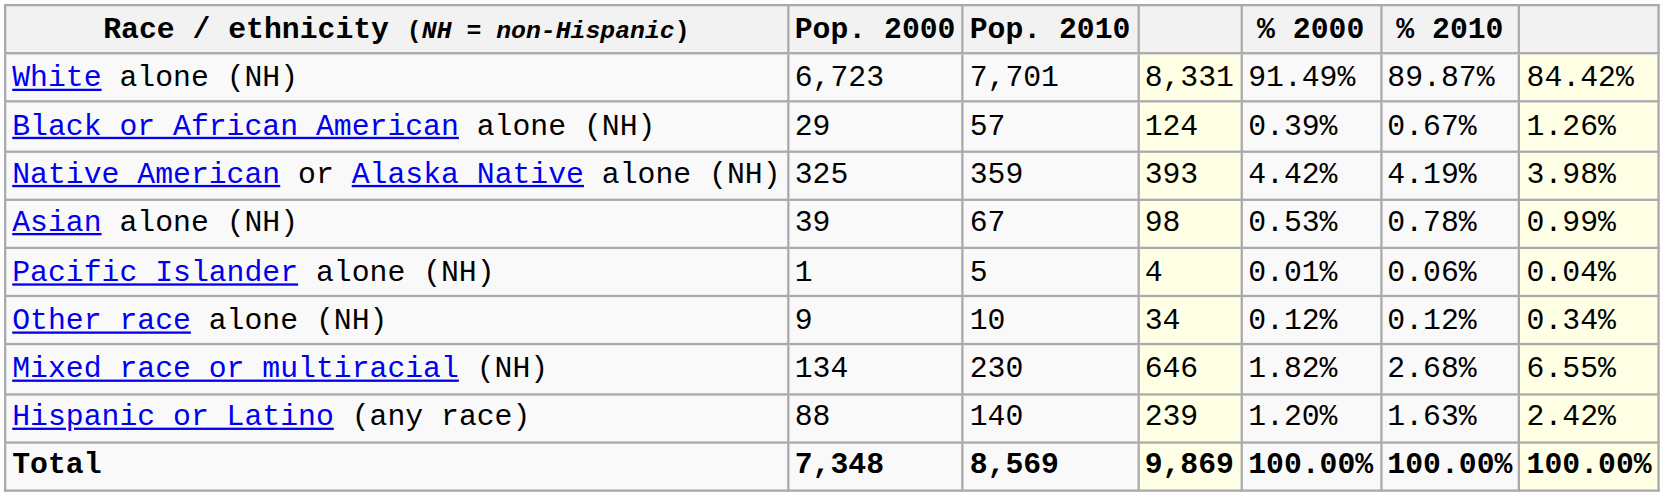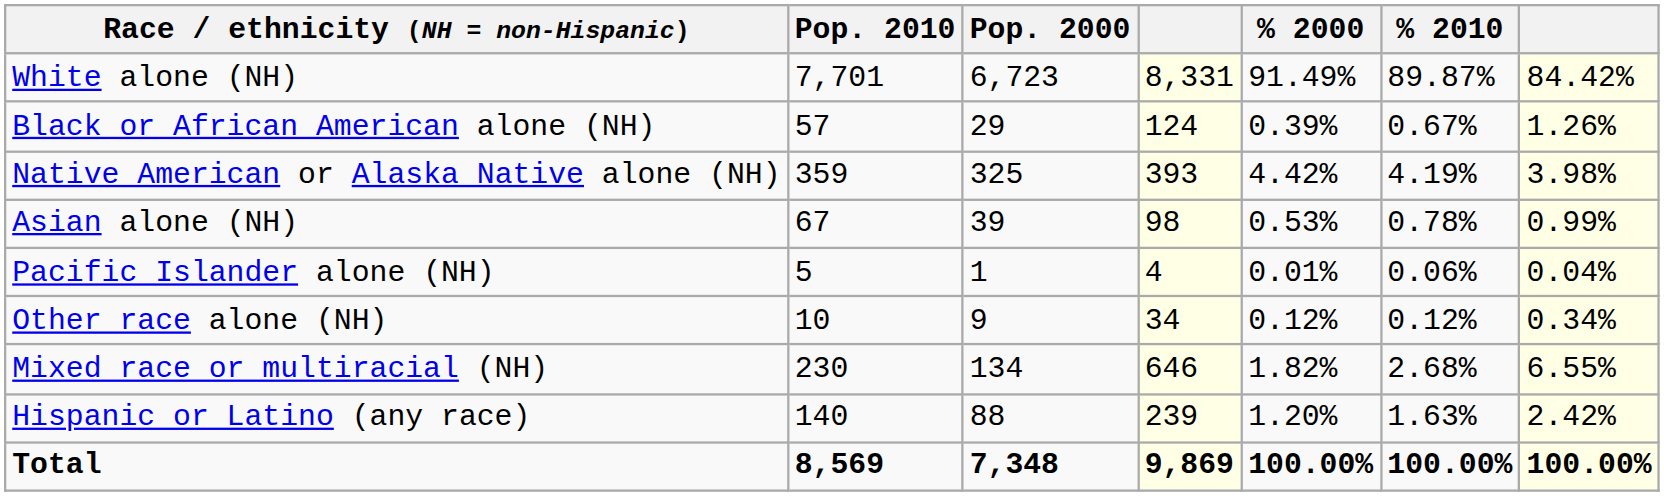 <table class="wikitable">
 <tr>
 <th>Race / ethnicity <small>(<em>NH = non-Hispanic</em>)</small></th>
+<th>Pop. 2010</th>
 <th>Pop. 2000</th>
-<th>Pop. 2010</th>
 <th></th>
 <th>% 2000</th>
 <th>% 2010</th>
 <th></th>
 </tr>
 <tr>
 <td><a href='#'>White</a> alone (NH)</td>
+<td>7,701</td>
 <td>6,723</td>
-<td>7,701</td>
 <td style='background: #ffffe6;'>8,331</td>
 <td>91.49%</td>
 <td>89.87%</td>
 <td style='background: #ffffe6;'>84.42%</td>
 </tr>
 <tr>
 <td><a href='#'>Black or African American</a> alone (NH)</td>
+<td>57</td>
 <td>29</td>
-<td>57</td>
 <td style='background: #ffffe6;'>124</td>
 <td>0.39%</td>
 <td>0.67%</td>
 <td style='background: #ffffe6;'>1.26%</td>
 </tr>
 <tr>
 <td><a href='#'>Native American</a> or <a href='#'>Alaska Native</a> alone (NH)</td>
+<td>359</td>
 <td>325</td>
-<td>359</td>
 <td style='background: #ffffe6;'>393</td>
 <td>4.42%</td>
 <td>4.19%</td>
 <td style='background: #ffffe6;'>3.98%</td>
 </tr>
 <tr>
 <td><a href='#'>Asian</a> alone (NH)</td>
+<td>67</td>
 <td>39</td>
-<td>67</td>
 <td style='background: #ffffe6;'>98</td>
 <td>0.53%</td>
 <td>0.78%</td>
 <td style='background: #ffffe6;'>0.99%</td>
 </tr>
 <tr>
 <td><a href='#'>Pacific Islander</a> alone (NH)</td>
+<td>5</td>
 <td>1</td>
-<td>5</td>
 <td style='background: #ffffe6;'>4</td>
 <td>0.01%</td>
 <td>0.06%</td>
 <td style='background: #ffffe6;'>0.04%</td>
 </tr>
 <tr>
 <td><a href='#'>Other race</a> alone (NH)</td>
+<td>10</td>
 <td>9</td>
-<td>10</td>
 <td style='background: #ffffe6;'>34</td>
 <td>0.12%</td>
 <td>0.12%</td>
 <td style='background: #ffffe6;'>0.34%</td>
 </tr>
 <tr>
 <td><a href='#'>Mixed race or multiracial</a> (NH)</td>
+<td>230</td>
 <td>134</td>
-<td>230</td>
 <td style='background: #ffffe6;'>646</td>
 <td>1.82%</td>
 <td>2.68%</td>
 <td style='background: #ffffe6;'>6.55%</td>
 </tr>
 <tr>
 <td><a href='#'>Hispanic or Latino</a> (any race)</td>
+<td>140</td>
 <td>88</td>
-<td>140</td>
 <td style='background: #ffffe6;'>239</td>
 <td>1.20%</td>
 <td>1.63%</td>
 <td style='background: #ffffe6;'>2.42%</td>
 </tr>
 <tr>
 <td><strong>Total</strong></td>
+<td><strong>8,569</strong></td>
 <td><strong>7,348</strong></td>
-<td><strong>8,569</strong></td>
 <td style='background: #ffffe6;'><strong>9,869</strong></td>
 <td><strong>100.00%</strong></td>
 <td><strong>100.00%</strong></td>
 <td style='background: #ffffe6;'><strong>100.00%</strong></td>
 </tr>
 </table>
